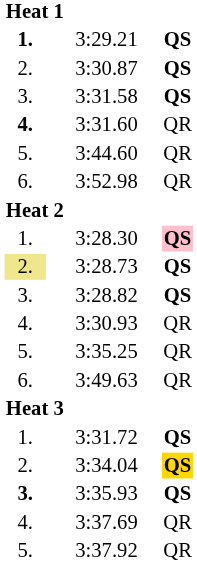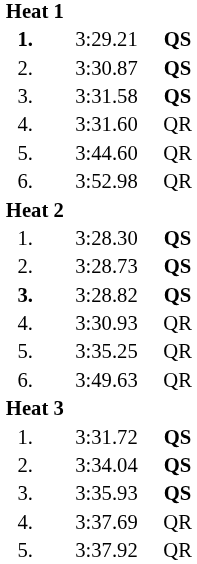 <table style="text-align:center">
 <tr>
 <td colspan=4 align=left><strong>Heat 1</strong></td>
 </tr>
 <tr>
 <td width=30><strong>1.</strong></td>
 <td align=left></td>
 <td width=80>3:29.21</td>
 <td><strong>QS</strong></td>
 </tr>
 <tr>
 <td>2.</td>
 <td align=left></td>
 <td>3:30.87</td>
 <td><strong>QS</strong></td>
 </tr>
 <tr>
 <td>3.</td>
 <td align=left></td>
 <td>3:31.58</td>
 <td><strong>QS</strong></td>
 </tr>
 <tr>
-<td><strong>4.</strong></td>
+<td>4.</td>
 <td align=left></td>
 <td>3:31.60</td>
 <td>QR</td>
 </tr>
 <tr>
 <td>5.</td>
 <td align=left></td>
 <td>3:44.60</td>
 <td>QR</td>
 </tr>
 <tr>
 <td>6.</td>
 <td align=left></td>
 <td>3:52.98</td>
 <td>QR</td>
 </tr>
 <tr>
 <td colspan=4 align=left><strong>Heat 2</strong></td>
 </tr>
 <tr>
 <td>1.</td>
 <td align=left></td>
 <td>3:28.30</td>
-<td style="background: pink;"><strong>QS</strong></td>
+<td><strong>QS</strong></td>
 </tr>
 <tr>
-<td style="background: khaki;">2.</td>
+<td>2.</td>
 <td align=left></td>
 <td>3:28.73</td>
 <td><strong>QS</strong></td>
 </tr>
 <tr>
-<td>3.</td>
+<td><strong>3.</strong></td>
 <td align=left></td>
 <td>3:28.82</td>
 <td><strong>QS</strong></td>
 </tr>
 <tr>
 <td>4.</td>
 <td align=left></td>
 <td>3:30.93</td>
 <td>QR</td>
 </tr>
 <tr>
 <td>5.</td>
 <td align=left></td>
 <td>3:35.25</td>
 <td>QR</td>
 </tr>
 <tr>
 <td>6.</td>
 <td align=left></td>
 <td>3:49.63</td>
 <td>QR</td>
 </tr>
 <tr>
 <td colspan=4 align=left><strong>Heat 3</strong></td>
 </tr>
 <tr>
 <td>1.</td>
 <td align=left></td>
 <td>3:31.72</td>
 <td><strong>QS</strong></td>
 </tr>
 <tr>
 <td>2.</td>
 <td align=left></td>
 <td>3:34.04</td>
-<td style="background: gold;"><strong>QS</strong></td>
+<td><strong>QS</strong></td>
 </tr>
 <tr>
-<td><strong>3.</strong></td>
+<td>3.</td>
 <td align=left></td>
 <td>3:35.93</td>
 <td><strong>QS</strong></td>
 </tr>
 <tr>
 <td>4.</td>
 <td align=left></td>
 <td>3:37.69</td>
 <td>QR</td>
 </tr>
 <tr>
 <td>5.</td>
 <td align=left></td>
 <td>3:37.92</td>
 <td>QR</td>
 </tr>
 </table>
